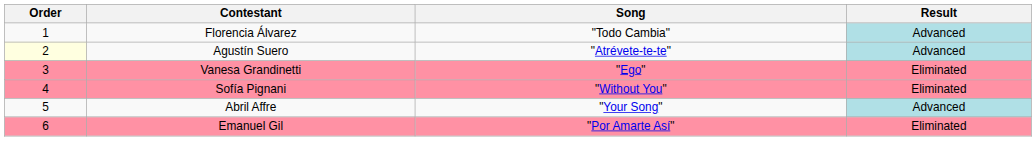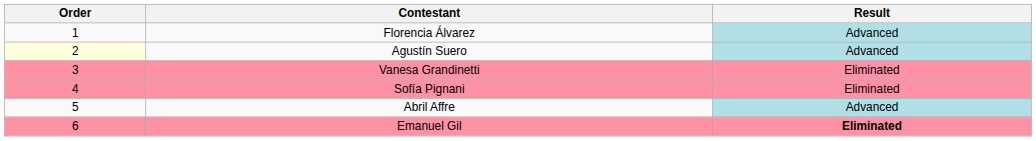 <table class="wikitable" style="text-align:center; width:70%;">
 <tr>
 <th scope="col" style="width:4%;">Order</th>
 <th scope="col" style="width:16%;">Contestant</th>
-<th scope="col" style="width:21%;">Song</th>
 <th scope="col" style="width:9%;">Result</th>
 </tr>
 <tr>
 <td>1</td>
 <td>Florencia Álvarez</td>
-<td>"Todo Cambia"</td>
 <td style="background:#B0E0E6;">Advanced</td>
 </tr>
 <tr>
 <td style="background: lightyellow;">2</td>
 <td>Agustín Suero</td>
-<td>"<a href='#'>Atrévete-te-te</a>"</td>
 <td style="background:#B0E0E6;">Advanced</td>
 </tr>
 <tr style="background:#FF91A4;">
 <td>3</td>
 <td>Vanesa Grandinetti</td>
-<td>"<a href='#'>Ego</a>"</td>
 <td>Eliminated</td>
 </tr>
 <tr style="background:#FF91A4;">
 <td>4</td>
 <td>Sofía Pignani</td>
-<td>"<a href='#'>Without You</a>"</td>
 <td>Eliminated</td>
 </tr>
 <tr>
 <td>5</td>
 <td>Abril Affre</td>
-<td>"<a href='#'>Your Song</a>"</td>
 <td style="background:#B0E0E6;">Advanced</td>
 </tr>
 <tr style="background:#FF91A4;">
 <td>6</td>
 <td>Emanuel Gil</td>
-<td>"<a href='#'>Por Amarte Así</a>"</td>
-<td>Eliminated</td>
+<td><strong>Eliminated</strong></td>
 </tr>
 </table>
